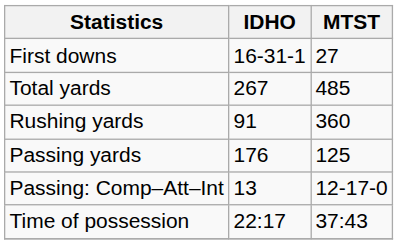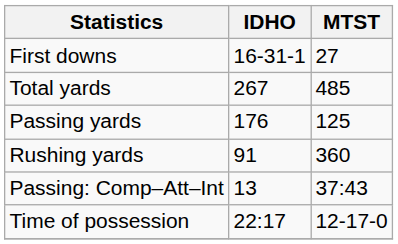 <table class="wikitable" style="float: left;">
 <tr>
 <th>Statistics</th>
 <th>IDHO</th>
 <th>MTST</th>
 </tr>
 <tr>
 <td>First downs</td>
 <td>16-31-1</td>
 <td>27</td>
 </tr>
 <tr>
 <td>Total yards</td>
 <td>267</td>
 <td>485</td>
 </tr>
 <tr>
+<td>Passing yards</td>
+<td>176</td>
+<td>125</td>
+</tr>
+<tr>
 <td>Rushing yards</td>
 <td>91</td>
 <td>360</td>
 </tr>
 <tr>
-<td>Passing yards</td>
-<td>176</td>
-<td>125</td>
-</tr>
-<tr>
 <td>Passing: Comp–Att–Int</td>
 <td>13</td>
-<td>12-17-0</td>
+<td>37:43</td>
 </tr>
 <tr>
 <td>Time of possession</td>
 <td>22:17</td>
-<td>37:43</td>
+<td>12-17-0</td>
 </tr>
 <tr>
 </tr>
 </table>
